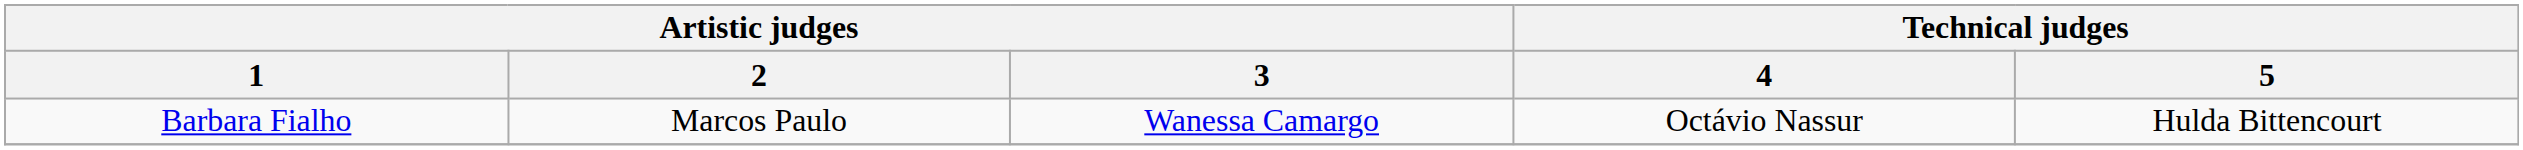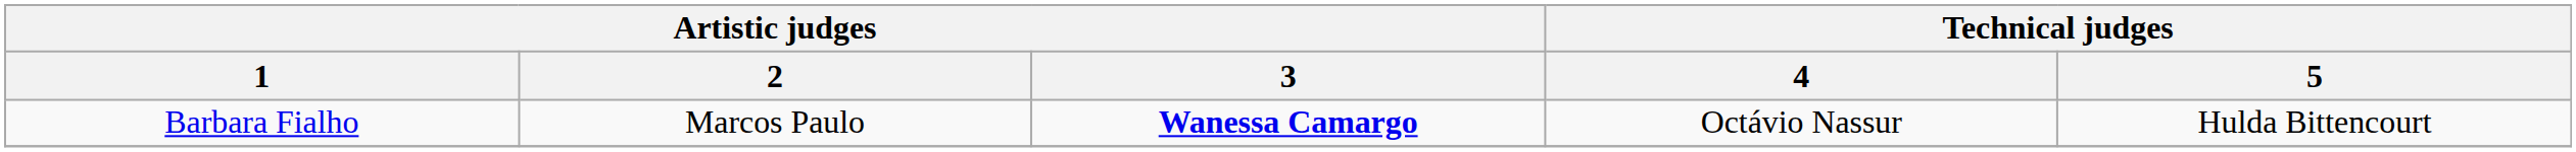 <table class="wikitable" style="font-size:100%; line-height:16px; text-align:center" width="100%">
 <tr>
 <th colspan=3>Artistic judges</th>
 <th colspan=2>Technical judges</th>
 </tr>
 <tr>
 <th width="20%">1</th>
 <th width="20%">2</th>
 <th width="20%">3</th>
 <th width="20%">4</th>
 <th width="20%">5</th>
 </tr>
 <tr>
 <td><a href='#'>Barbara Fialho</a></td>
 <td>Marcos Paulo</td>
-<td><a href='#'>Wanessa Camargo</a></td>
+<td><strong><a href='#'>Wanessa Camargo</a></strong></td>
 <td>Octávio Nassur</td>
 <td>Hulda Bittencourt</td>
 </tr>
 <tr>
 </tr>
 </table>
